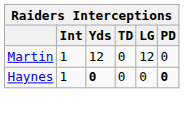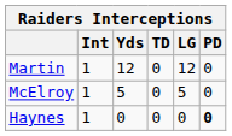 <table class="wikitable">
 <tr>
 <th colspan="6">Raiders Interceptions</th>
 </tr>
 <tr>
 <th></th>
 <th>Int</th>
 <th>Yds</th>
 <th>TD</th>
 <th>LG</th>
 <th>PD</th>
 </tr>
 <tr>
 <td><a href='#'>Martin</a></td>
 <td>1</td>
 <td>12</td>
 <td>0</td>
 <td>12</td>
 <td>0</td>
 </tr>
 <tr>
+<td><a href='#'>McElroy</a></td>
+<td>1</td>
+<td>5</td>
+<td>0</td>
+<td>5</td>
+<td>0</td>
+</tr>
+<tr>
 <td><a href='#'>Haynes</a></td>
 <td>1</td>
-<td><strong>0</strong></td>
+<td>0</td>
 <td>0</td>
 <td>0</td>
 <td><strong>0</strong></td>
 </tr>
 </table>
